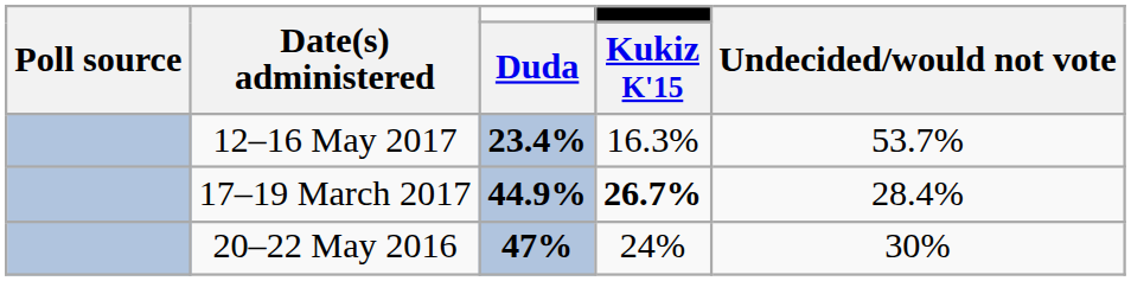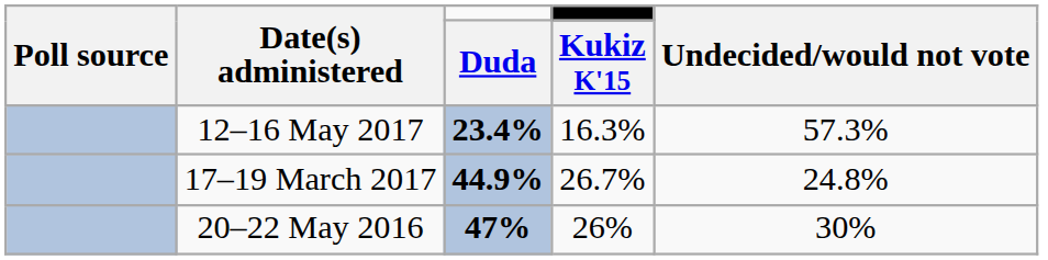 <table class="wikitable" style="text-align:center;font-size:85%;line-height:14px;">
 <tr>
 <th rowspan="2">Poll source</th>
 <th rowspan="2">Date(s)<br>administered</th>
 <td></td>
 <td style="background:#000;"></td>
 <th rowspan="2">Undecided/would not vote</th>
 </tr>
 <tr>
 <th><a href='#'>Duda</a><br></th>
 <th><a href='#'>Kukiz</a><br><small><a href='#'>K'15</a></small></th>
 </tr>
 <tr>
 <td style="background:lightsteelblue;"></td>
 <td>12–16 May 2017</td>
 <td style="background:lightsteelblue;"><strong>23.4%</strong></td>
 <td>16.3%</td>
-<td>53.7%</td>
+<td>57.3%</td>
 </tr>
 <tr>
 <td style="background:lightsteelblue;"></td>
 <td>17–19 March 2017</td>
 <td style="background:lightsteelblue;"><strong>44.9%</strong></td>
-<td><strong>26.7%</strong></td>
-<td>28.4%</td>
+<td>26.7%</td>
+<td>24.8%</td>
 </tr>
 <tr>
 <td style="background:lightsteelblue;"></td>
 <td>20–22 May 2016</td>
 <td style="background:lightsteelblue;"><strong>47%</strong></td>
-<td>24%</td>
+<td>26%</td>
 <td>30%</td>
 </tr>
 </table>
